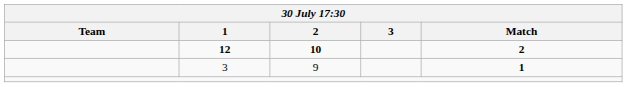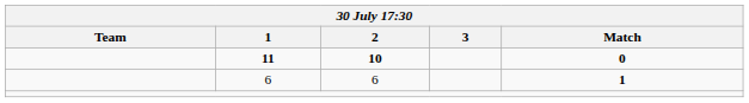 <table class=wikitable style="text-align:center; width: 55%">
 <tr>
 <th colspan=10><em>30 July 17:30</em></th>
 </tr>
 <tr>
 <th>Team</th>
 <th>1</th>
 <th>2</th>
 <th>3</th>
 <th>Match</th>
 </tr>
 <tr>
 <td align=left><strong><br></strong></td>
-<td><strong>12</strong></td>
+<td><strong>11</strong></td>
 <td><strong>10</strong></td>
 <td></td>
-<td><strong>2</strong></td>
+<td><strong>0</strong></td>
 </tr>
 <tr>
 <td align=left><br></td>
-<td>3</td>
-<td>9</td>
+<td>6</td>
+<td>6</td>
 <td></td>
 <td><strong>1</strong></td>
 </tr>
 <tr>
 <td colspan=10></td>
 </tr>
 </table>
